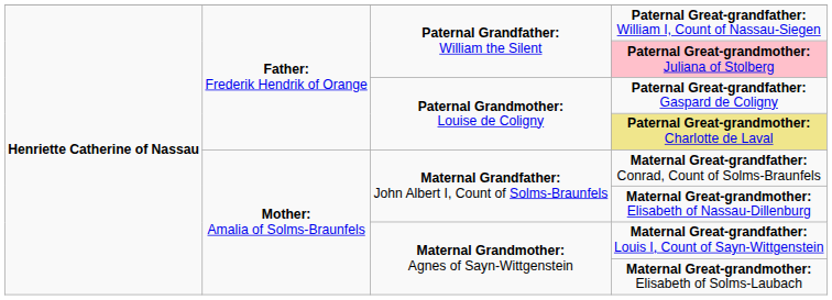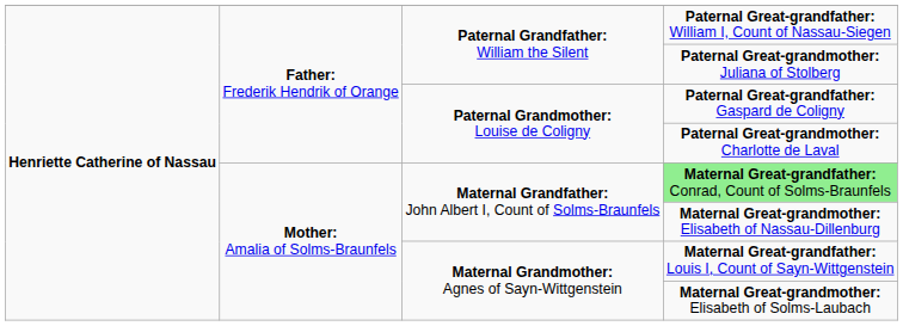 <table class="wikitable">
 <tr>
 </tr>
 <tr>
 <td rowspan="8" align="center"><strong>Henriette Catherine of Nassau</strong></td>
 <td rowspan="4" align="center"><strong>Father:</strong><br><a href='#'>Frederik Hendrik of Orange</a></td>
 <td rowspan="2" align="center"><strong>Paternal Grandfather:</strong><br><a href='#'>William the Silent</a></td>
 <td align="center"><strong>Paternal Great-grandfather:</strong><br><a href='#'>William I, Count of Nassau-Siegen</a></td>
 </tr>
 <tr>
-<td align="center" style="background: pink;"><strong>Paternal Great-grandmother:</strong><br><a href='#'>Juliana of Stolberg</a></td>
+<td align="center"><strong>Paternal Great-grandmother:</strong><br><a href='#'>Juliana of Stolberg</a></td>
 </tr>
 <tr>
 <td rowspan="2" align="center"><strong>Paternal Grandmother:</strong><br><a href='#'>Louise de Coligny</a></td>
 <td align="center"><strong>Paternal Great-grandfather:</strong><br><a href='#'>Gaspard de Coligny</a></td>
 </tr>
 <tr>
-<td align="center" style="background: khaki;"><strong>Paternal Great-grandmother:</strong><br><a href='#'>Charlotte de Laval</a></td>
+<td align="center"><strong>Paternal Great-grandmother:</strong><br><a href='#'>Charlotte de Laval</a></td>
 </tr>
 <tr>
 <td rowspan="4" align="center"><strong>Mother:</strong><br><a href='#'>Amalia of Solms-Braunfels</a></td>
 <td rowspan="2" align="center"><strong>Maternal Grandfather:</strong><br>John Albert I, Count of <a href='#'>Solms-Braunfels</a></td>
-<td align="center"><strong>Maternal Great-grandfather:</strong><br>Conrad, Count of Solms-Braunfels</td>
+<td align="center" style="background: lightgreen;"><strong>Maternal Great-grandfather:</strong><br>Conrad, Count of Solms-Braunfels</td>
 </tr>
 <tr>
 <td align="center"><strong>Maternal Great-grandmother:</strong><br><a href='#'>Elisabeth of Nassau-Dillenburg</a></td>
 </tr>
 <tr>
 <td rowspan="2" align="center"><strong>Maternal Grandmother:</strong><br>Agnes of Sayn-Wittgenstein</td>
 <td align="center"><strong>Maternal Great-grandfather:</strong><br><a href='#'>Louis I, Count of Sayn-Wittgenstein</a></td>
 </tr>
 <tr>
 <td align="center"><strong>Maternal Great-grandmother:</strong><br>Elisabeth of Solms-Laubach</td>
 </tr>
 </table>
